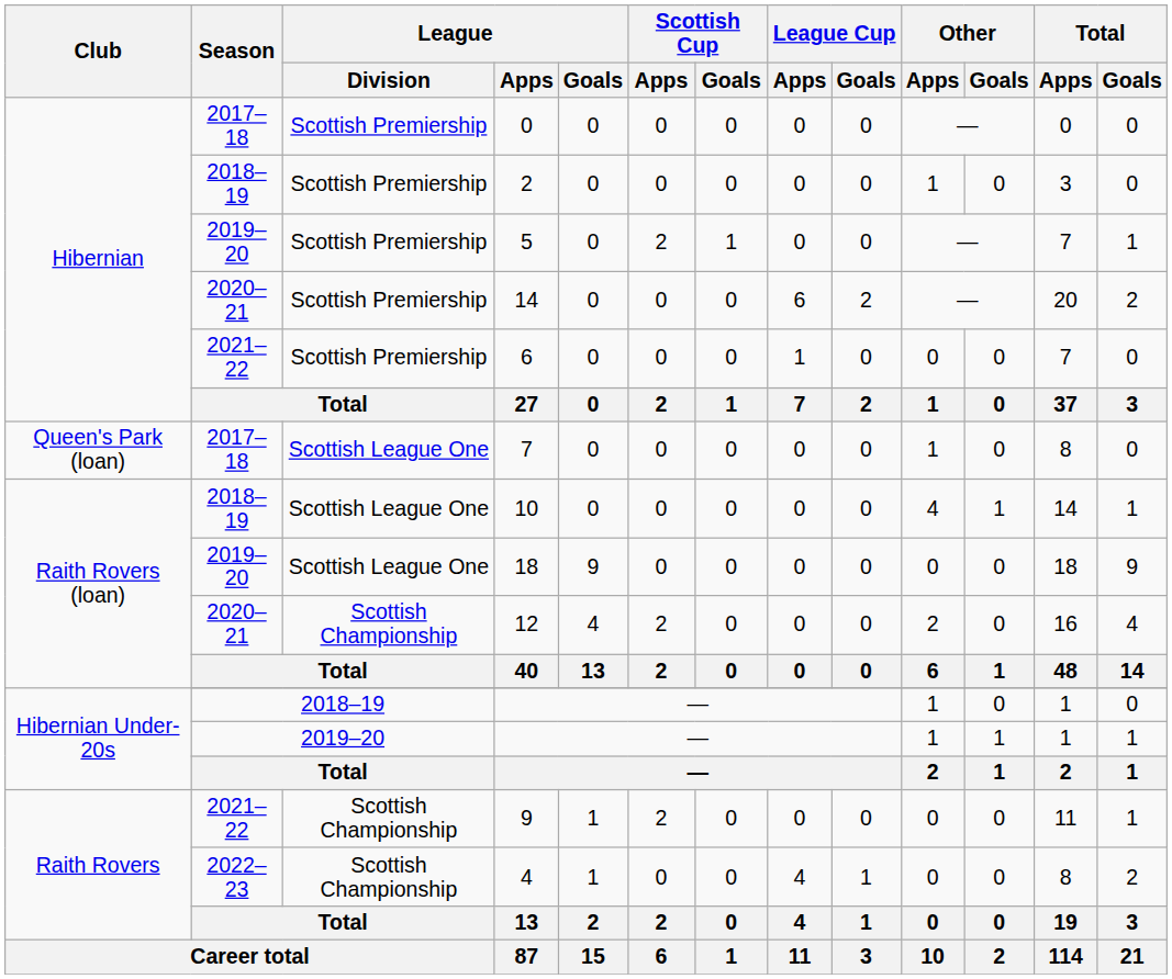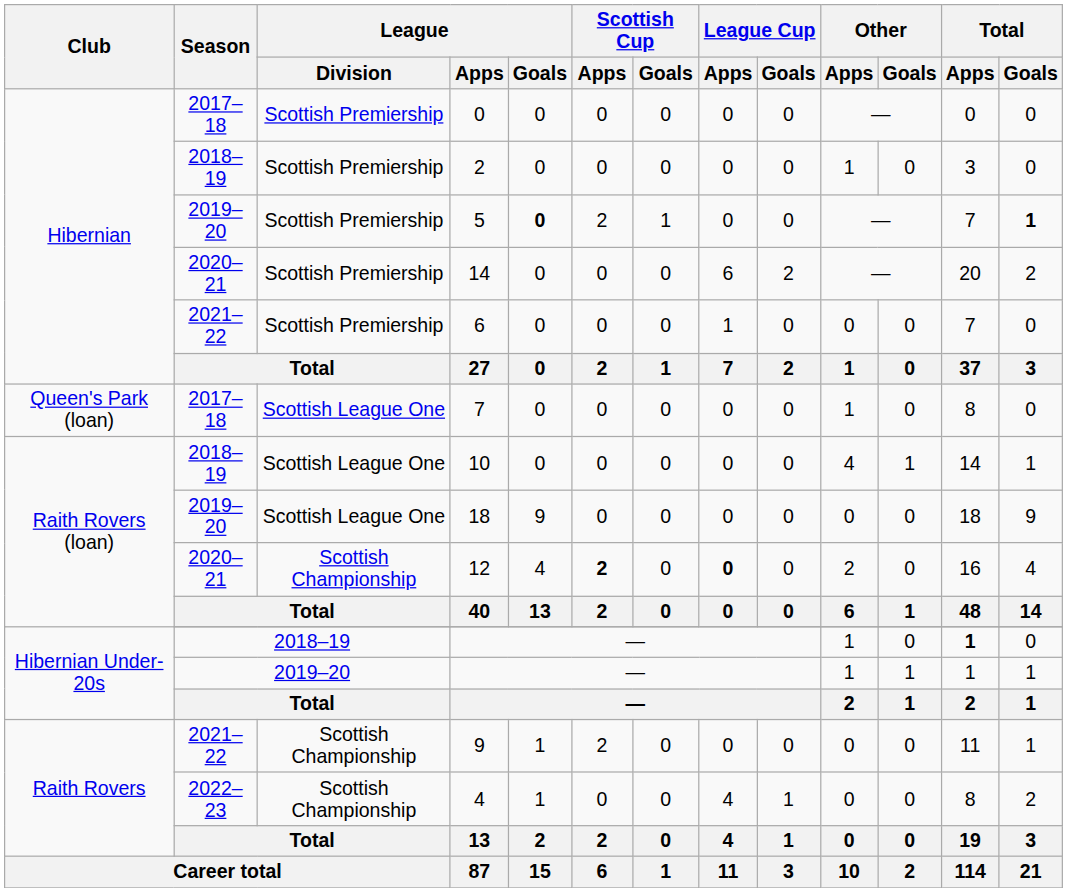 <table class="wikitable" style="text-align:center">
 <tr>
 <th rowspan="2">Club</th>
 <th rowspan="2">Season</th>
 <th colspan="3">League</th>
 <th colspan="2"><a href='#'>Scottish Cup</a></th>
 <th colspan="2"><a href='#'>League Cup</a></th>
 <th colspan="2">Other</th>
 <th colspan="2">Total</th>
 </tr>
 <tr>
 <th>Division</th>
 <th>Apps</th>
 <th>Goals</th>
 <th>Apps</th>
 <th>Goals</th>
 <th>Apps</th>
 <th>Goals</th>
 <th>Apps</th>
 <th>Goals</th>
 <th>Apps</th>
 <th>Goals</th>
 </tr>
 <tr>
 <td rowspan="6"><a href='#'>Hibernian</a></td>
 <td><a href='#'>2017–18</a></td>
 <td><a href='#'>Scottish Premiership</a></td>
 <td>0</td>
 <td>0</td>
 <td>0</td>
 <td>0</td>
 <td>0</td>
 <td>0</td>
 <td colspan="2">—</td>
 <td>0</td>
 <td>0</td>
 </tr>
 <tr>
 <td><a href='#'>2018–19</a></td>
 <td>Scottish Premiership</td>
 <td>2</td>
 <td>0</td>
 <td>0</td>
 <td>0</td>
 <td>0</td>
 <td>0</td>
 <td>1</td>
 <td>0</td>
 <td>3</td>
 <td>0</td>
 </tr>
 <tr>
 <td><a href='#'>2019–20</a></td>
 <td>Scottish Premiership</td>
 <td>5</td>
-<td>0</td>
+<td><strong>0</strong></td>
 <td>2</td>
 <td>1</td>
 <td>0</td>
 <td>0</td>
 <td colspan="2">—</td>
 <td>7</td>
-<td>1</td>
+<td><strong>1</strong></td>
 </tr>
 <tr>
 <td><a href='#'>2020–21</a></td>
 <td>Scottish Premiership</td>
 <td>14</td>
 <td>0</td>
 <td>0</td>
 <td>0</td>
 <td>6</td>
 <td>2</td>
 <td colspan="2">—</td>
 <td>20</td>
 <td>2</td>
 </tr>
 <tr>
 <td><a href='#'>2021–22</a></td>
 <td>Scottish Premiership</td>
 <td>6</td>
 <td>0</td>
 <td>0</td>
 <td>0</td>
 <td>1</td>
 <td>0</td>
 <td>0</td>
 <td>0</td>
 <td>7</td>
 <td>0</td>
 </tr>
 <tr>
 <th colspan="2">Total</th>
 <th>27</th>
 <th>0</th>
 <th>2</th>
 <th>1</th>
 <th>7</th>
 <th>2</th>
 <th>1</th>
 <th>0</th>
 <th>37</th>
 <th>3</th>
 </tr>
 <tr>
 <td><a href='#'>Queen's Park</a> (loan)</td>
 <td><a href='#'>2017–18</a></td>
 <td><a href='#'>Scottish League One</a></td>
 <td>7</td>
 <td>0</td>
 <td>0</td>
 <td>0</td>
 <td>0</td>
 <td>0</td>
 <td>1</td>
 <td>0</td>
 <td>8</td>
 <td>0</td>
 </tr>
 <tr>
 <td rowspan="4"><a href='#'>Raith Rovers</a> (loan)</td>
 <td><a href='#'>2018–19</a></td>
 <td>Scottish League One</td>
 <td>10</td>
 <td>0</td>
 <td>0</td>
 <td>0</td>
 <td>0</td>
 <td>0</td>
 <td>4</td>
 <td>1</td>
 <td>14</td>
 <td>1</td>
 </tr>
 <tr>
 <td><a href='#'>2019–20</a></td>
 <td>Scottish League One</td>
 <td>18</td>
 <td>9</td>
 <td>0</td>
 <td>0</td>
 <td>0</td>
 <td>0</td>
 <td>0</td>
 <td>0</td>
 <td>18</td>
 <td>9</td>
 </tr>
 <tr>
 <td><a href='#'>2020–21</a></td>
 <td><a href='#'>Scottish Championship</a></td>
 <td>12</td>
 <td>4</td>
-<td>2</td>
+<td><strong>2</strong></td>
 <td>0</td>
-<td>0</td>
+<td><strong>0</strong></td>
 <td>0</td>
 <td>2</td>
 <td>0</td>
 <td>16</td>
 <td>4</td>
 </tr>
 <tr>
 <th colspan="2">Total</th>
 <th>40</th>
 <th>13</th>
 <th>2</th>
 <th>0</th>
 <th>0</th>
 <th>0</th>
 <th>6</th>
 <th>1</th>
 <th>48</th>
 <th>14</th>
 </tr>
 <tr>
 <td rowspan="4"><a href='#'>Hibernian Under-20s</a></td>
 </tr>
 <tr>
 <td colspan="2"><a href='#'>2018–19</a></td>
 <td colspan="6">—</td>
 <td>1</td>
 <td>0</td>
-<td>1</td>
+<td><strong>1</strong></td>
 <td>0</td>
 </tr>
 <tr>
 <td colspan="2"><a href='#'>2019–20</a></td>
 <td colspan="6">—</td>
 <td>1</td>
 <td>1</td>
 <td>1</td>
 <td>1</td>
 </tr>
 <tr>
 <th colspan="2">Total</th>
 <th colspan="6">—</th>
 <th>2</th>
 <th>1</th>
 <th>2</th>
 <th>1</th>
 </tr>
 <tr>
 <td rowspan=3><a href='#'>Raith Rovers</a></td>
 <td><a href='#'>2021–22</a></td>
 <td>Scottish Championship</td>
 <td>9</td>
 <td>1</td>
 <td>2</td>
 <td>0</td>
 <td>0</td>
 <td>0</td>
 <td>0</td>
 <td>0</td>
 <td>11</td>
 <td>1</td>
 </tr>
 <tr>
 <td><a href='#'>2022–23</a></td>
 <td>Scottish Championship</td>
 <td>4</td>
 <td>1</td>
 <td>0</td>
 <td>0</td>
 <td>4</td>
 <td>1</td>
 <td>0</td>
 <td>0</td>
 <td>8</td>
 <td>2</td>
 </tr>
 <tr>
 <th colspan=2>Total</th>
 <th>13</th>
 <th>2</th>
 <th>2</th>
 <th>0</th>
 <th>4</th>
 <th>1</th>
 <th>0</th>
 <th>0</th>
 <th>19</th>
 <th>3</th>
 </tr>
 <tr>
 <th colspan="3">Career total</th>
 <th>87</th>
 <th>15</th>
 <th>6</th>
 <th>1</th>
 <th>11</th>
 <th>3</th>
 <th>10</th>
 <th>2</th>
 <th>114</th>
 <th>21</th>
 </tr>
 </table>
